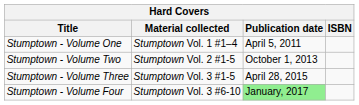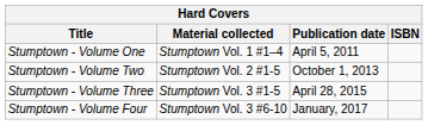 <table class="wikitable">
 <tr>
 <th colspan=4>Hard Covers</th>
 </tr>
 <tr>
 <th>Title</th>
 <th>Material collected</th>
 <th>Publication date</th>
 <th>ISBN</th>
 </tr>
 <tr>
 <td><em>Stumptown - Volume One</em></td>
 <td><em>Stumptown</em> Vol. 1 #1–4</td>
 <td>April 5, 2011</td>
 <td></td>
 </tr>
 <tr>
 <td><em>Stumptown - Volume Two</em></td>
 <td><em>Stumptown</em> Vol. 2 #1-5</td>
 <td>October 1, 2013</td>
 <td></td>
 </tr>
 <tr>
 <td><em>Stumptown - Volume Three</em></td>
 <td><em>Stumptown</em> Vol. 3 #1-5</td>
 <td>April 28, 2015</td>
 <td></td>
 </tr>
 <tr>
 <td><em>Stumptown - Volume Four</em></td>
 <td><em>Stumptown</em> Vol. 3 #6-10</td>
-<td style="background: lightgreen;">January, 2017</td>
+<td>January, 2017</td>
 <td></td>
 </tr>
 </table>
